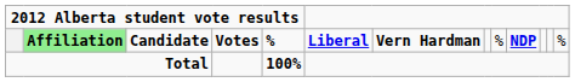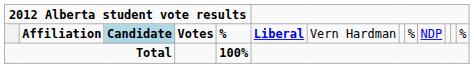 <table class="wikitable">
 <tr>
 <td colspan="5" align=center><strong>2012 Alberta student vote results</strong></td>
 </tr>
 <tr>
 <th style="width: 10px;"></th>
-<td style="background: lightgreen;"><strong>Affiliation</strong></td>
-<td><strong>Candidate</strong></td>
+<td><strong>Affiliation</strong></td>
+<td style="background: lightblue;"><strong>Candidate</strong></td>
 <td><strong>Votes</strong></td>
 <td><strong>%</strong><br>  </td>
 <td><strong><a href='#'>Liberal</a></strong></td>
-<td><strong>Vern Hardman</strong></td>
+<td>Vern Hardman</td>
 <td></td>
 <td>%<br></td>
-<td><strong><a href='#'>NDP</a></strong></td>
+<td><a href='#'>NDP</a></td>
 <td></td>
 <td></td>
 <td>%</td>
 </tr>
 <tr>
 <td colspan="3" align="right"><strong>Total</strong></td>
 <td></td>
 <td><strong>100%</strong></td>
 </tr>
 </table>
